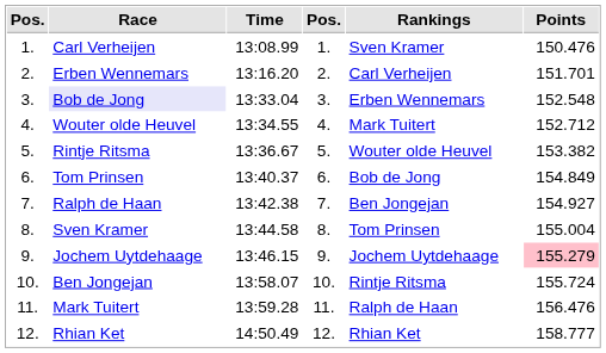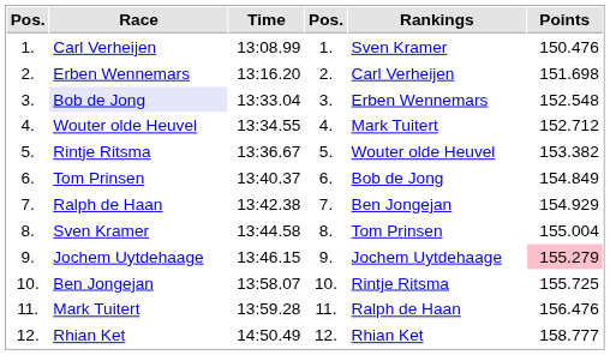 <table cellspacing="1" cellpadding="3" style="border:1px solid #AAAAAA;font-size:90%">
 <tr bgcolor="#E4E4E4">
 <th style="border-bottom:1px solid #AAAAAA" width=10>Pos.</th>
 <th style="border-bottom:1px solid #AAAAAA" width=150>Race</th>
 <th style="border-bottom:1px solid #AAAAAA" width=60>Time</th>
 <th style="border-bottom:1px solid #AAAAAA" width=10>Pos.</th>
 <th style="border-bottom:1px solid #AAAAAA" width=150>Rankings</th>
 <th style="border-bottom:1px solid #AAAAAA" width=60>Points</th>
 </tr>
 <tr>
 <td align="center">1.</td>
 <td><a href='#'>Carl Verheijen</a></td>
 <td align="right">13:08.99</td>
 <td align="center">1.</td>
 <td><a href='#'>Sven Kramer</a></td>
 <td align="right">150.476</td>
 </tr>
 <tr>
 <td align="center">2.</td>
 <td><a href='#'>Erben Wennemars</a></td>
 <td align="right">13:16.20</td>
 <td align="center">2.</td>
 <td><a href='#'>Carl Verheijen</a></td>
-<td align="right">151.701</td>
+<td align="right">151.698</td>
 </tr>
 <tr>
 <td align="center">3.</td>
 <td style="background: lavender;"><a href='#'>Bob de Jong</a></td>
 <td align="right">13:33.04</td>
 <td align="center">3.</td>
 <td><a href='#'>Erben Wennemars</a></td>
 <td align="right">152.548</td>
 </tr>
 <tr>
 <td align="center">4.</td>
 <td><a href='#'>Wouter olde Heuvel</a></td>
 <td align="right">13:34.55</td>
 <td align="center">4.</td>
 <td><a href='#'>Mark Tuitert</a></td>
 <td align="right">152.712</td>
 </tr>
 <tr>
 <td align="center">5.</td>
 <td><a href='#'>Rintje Ritsma</a></td>
 <td align="right">13:36.67</td>
 <td align="center">5.</td>
 <td><a href='#'>Wouter olde Heuvel</a></td>
 <td align="right">153.382</td>
 </tr>
 <tr>
 <td align="center">6.</td>
 <td><a href='#'>Tom Prinsen</a></td>
 <td align="right">13:40.37</td>
 <td align="center">6.</td>
 <td><a href='#'>Bob de Jong</a></td>
 <td align="right">154.849</td>
 </tr>
 <tr>
 <td align="center">7.</td>
 <td><a href='#'>Ralph de Haan</a></td>
 <td align="right">13:42.38</td>
 <td align="center">7.</td>
 <td><a href='#'>Ben Jongejan</a></td>
-<td align="right">154.927</td>
+<td align="right">154.929</td>
 </tr>
 <tr>
 <td align="center">8.</td>
 <td><a href='#'>Sven Kramer</a></td>
 <td align="right">13:44.58</td>
 <td align="center">8.</td>
 <td><a href='#'>Tom Prinsen</a></td>
 <td align="right">155.004</td>
 </tr>
 <tr>
 <td align="center">9.</td>
 <td><a href='#'>Jochem Uytdehaage</a></td>
 <td align="right">13:46.15</td>
 <td align="center">9.</td>
 <td><a href='#'>Jochem Uytdehaage</a></td>
 <td align="right" style="background: pink;">155.279</td>
 </tr>
 <tr>
 <td align="center">10.</td>
 <td><a href='#'>Ben Jongejan</a></td>
 <td align="right">13:58.07</td>
 <td align="center">10.</td>
 <td><a href='#'>Rintje Ritsma</a></td>
-<td align="right">155.724</td>
+<td align="right">155.725</td>
 </tr>
 <tr>
 <td align="center">11.</td>
 <td><a href='#'>Mark Tuitert</a></td>
 <td align="right">13:59.28</td>
 <td align="center">11.</td>
 <td><a href='#'>Ralph de Haan</a></td>
 <td align="right">156.476</td>
 </tr>
 <tr>
 <td align="center">12.</td>
 <td><a href='#'>Rhian Ket</a></td>
 <td align="right">14:50.49</td>
 <td align="center">12.</td>
 <td><a href='#'>Rhian Ket</a></td>
 <td align="right">158.777</td>
 </tr>
 </table>
